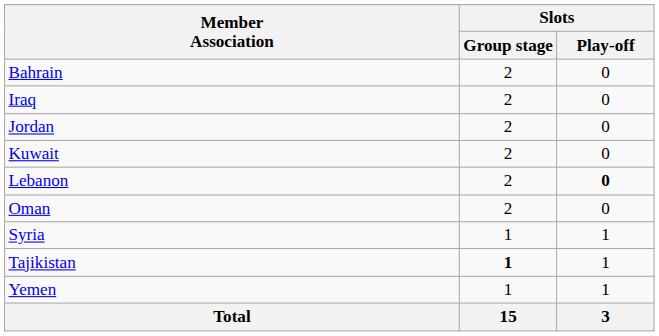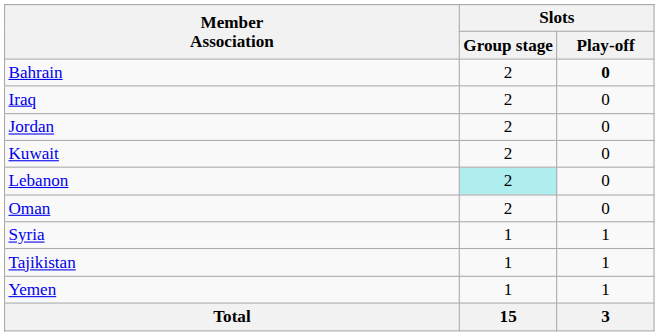 <table class="wikitable" style="text-align:center">
 <tr>
 </tr>
 <tr>
 <th rowspan=2>Member<br>Association</th>
 <th colspan=2>Slots</th>
 </tr>
 <tr>
 <th width=15%>Group stage</th>
 <th width=15%>Play-off</th>
 </tr>
 <tr>
 <td align=left> <a href='#'>Bahrain</a></td>
 <td>2</td>
-<td>0</td>
+<td><strong>0</strong></td>
 </tr>
 <tr>
 <td align=left> <a href='#'>Iraq</a></td>
 <td>2</td>
 <td>0</td>
 </tr>
 <tr>
 <td align=left> <a href='#'>Jordan</a></td>
 <td>2</td>
 <td>0</td>
 </tr>
 <tr>
 <td align=left> <a href='#'>Kuwait</a></td>
 <td>2</td>
 <td>0</td>
 </tr>
 <tr>
 <td align=left> <a href='#'>Lebanon</a></td>
-<td>2</td>
-<td><strong>0</strong></td>
+<td style="background: paleturquoise;">2</td>
+<td>0</td>
 </tr>
 <tr>
 <td align=left> <a href='#'>Oman</a></td>
 <td>2</td>
 <td>0</td>
 </tr>
 <tr>
 <td align=left> <a href='#'>Syria</a></td>
 <td>1</td>
 <td>1</td>
 </tr>
 <tr>
 <td align=left> <a href='#'>Tajikistan</a></td>
-<td><strong>1</strong></td>
+<td>1</td>
 <td>1</td>
 </tr>
 <tr>
 <td align=left> <a href='#'>Yemen</a></td>
 <td>1</td>
 <td>1</td>
 </tr>
 <tr>
 <th>Total</th>
 <th>15</th>
 <th>3</th>
 </tr>
 </table>
